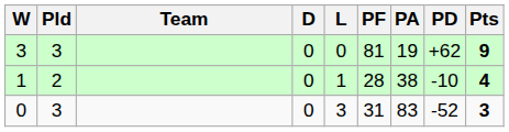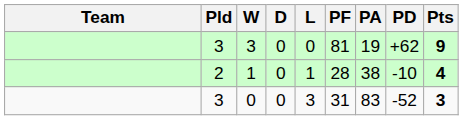 <table class="wikitable" style="text-align:center;">
 <tr>
+<th width=175>Team</th>
+<th width=20 abbr="Played">Pld</th>
 <th width=20 abbr="Won">W</th>
-<th width=20 abbr="Played">Pld</th>
-<th width=175>Team</th>
 <th width=20 abbr="Drawn">D</th>
 <th width=20 abbr="Lost">L</th>
 <th width=20 abbr="Points for">PF</th>
 <th width=20 abbr="Points against">PA</th>
 <th width=25 abbr="Points difference">PD</th>
 <th width=20 abbr="Points">Pts</th>
 </tr>
 <tr style="background:#ccffcc">
+<td align=left></td>
 <td>3</td>
 <td>3</td>
-<td align=left></td>
 <td>0</td>
 <td>0</td>
 <td>81</td>
 <td>19</td>
 <td>+62</td>
 <td><strong>9</strong></td>
 </tr>
 <tr style="background:#ccffcc">
+<td align=left></td>
+<td>2</td>
 <td>1</td>
-<td>2</td>
-<td align=left></td>
 <td>0</td>
 <td>1</td>
 <td>28</td>
 <td>38</td>
 <td>-10</td>
 <td><strong>4</strong></td>
 </tr>
 <tr>
+<td align=left></td>
+<td>3</td>
 <td>0</td>
-<td>3</td>
-<td align=left></td>
 <td>0</td>
 <td>3</td>
 <td>31</td>
 <td>83</td>
 <td>-52</td>
 <td><strong>3</strong></td>
 </tr>
 </table>
